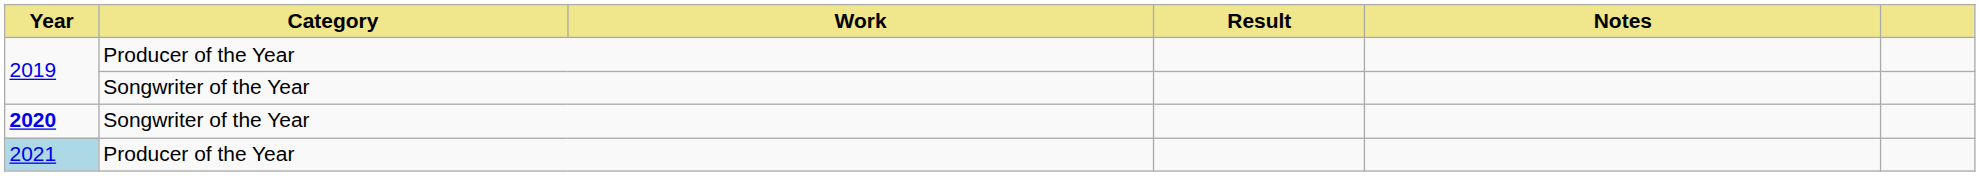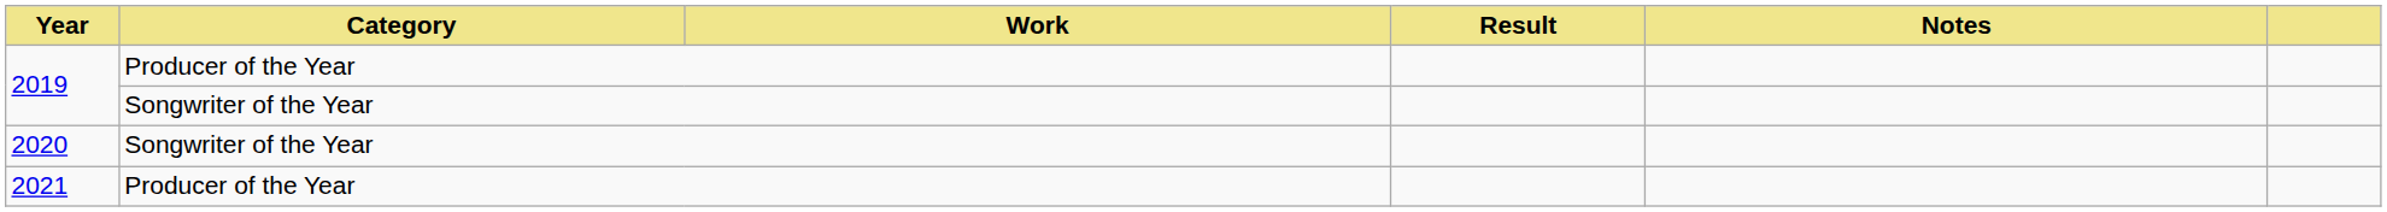 <table class="wikitable" width="95%">
 <tr>
 <th style="background:#F0E68C" width="4%">Year</th>
 <th style="background:#F0E68C" width="20%">Category</th>
 <th style="background:#F0E68C" width="25%">Work</th>
 <th style="background:#F0E68C" width="9%">Result</th>
 <th style="background:#F0E68C" width="22%">Notes</th>
 <th style="background:#F0E68C" width="4%"></th>
 </tr>
 <tr>
 <td rowspan="2"><a href='#'>2019</a></td>
 <td colspan="2">Producer of the Year</td>
 <td></td>
 <td style="font-size:85%;"></td>
 <td style="text-align:center;"></td>
 </tr>
 <tr>
 <td colspan="2">Songwriter of the Year</td>
 <td></td>
 <td style="font-size:85%;"></td>
 <td style="text-align:center;"></td>
 </tr>
 <tr>
-<td><strong><a href='#'>2020</a></strong></td>
+<td><a href='#'>2020</a></td>
 <td colspan="2">Songwriter of the Year</td>
 <td></td>
 <td style="font-size:85%;"></td>
 <td style="text-align:center;"></td>
 </tr>
 <tr>
-<td style="background: lightblue;"><a href='#'>2021</a></td>
+<td><a href='#'>2021</a></td>
 <td colspan="2">Producer of the Year</td>
 <td></td>
 <td style="font-size:85%;"></td>
 <td style="text-align:center;"></td>
 </tr>
 </table>
